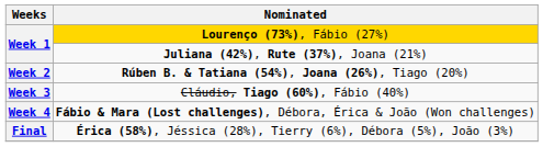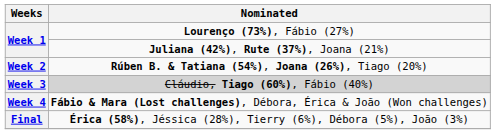 <table class="wikitable" style="font-size:90%; text-align:center; margin-left: auto; margin-right: auto">
 <tr>
 <th>Weeks</th>
 <th>Nominated</th>
 </tr>
 <tr>
 <th rowspan=2><a href='#'>Week 1</a></th>
-<td style="background: gold;"><strong>Lourenço (73%)</strong>, Fábio (27%)</td>
+<td><strong>Lourenço (73%)</strong>, Fábio (27%)</td>
 </tr>
 <tr>
 <td><strong>Juliana (42%)</strong>, <strong>Rute (37%)</strong>, Joana (21%)</td>
 </tr>
 <tr>
 <th><a href='#'>Week 2</a></th>
 <td><strong>Rúben B. & Tatiana (54%)</strong>, <strong>Joana (26%)</strong>, Tiago (20%)</td>
 </tr>
 <tr>
 <th><a href='#'>Week 3</a></th>
-<td><s>Cláudio,</s> <strong>Tiago (60%)</strong>, Fábio (40%)</td>
+<td style="background: lightgrey;"><s>Cláudio,</s> <strong>Tiago (60%)</strong>, Fábio (40%)</td>
 </tr>
 <tr>
 <th><a href='#'>Week 4</a></th>
 <td><strong>Fábio & Mara (Lost challenges)</strong>, Débora, Érica & João (Won challenges)</td>
 </tr>
 <tr>
 <th><a href='#'>Final</a></th>
 <td><strong>Érica (58%)</strong>, Jéssica (28%), Tierry (6%), Débora (5%), João (3%)</td>
 </tr>
 <tr>
 </tr>
 </table>
